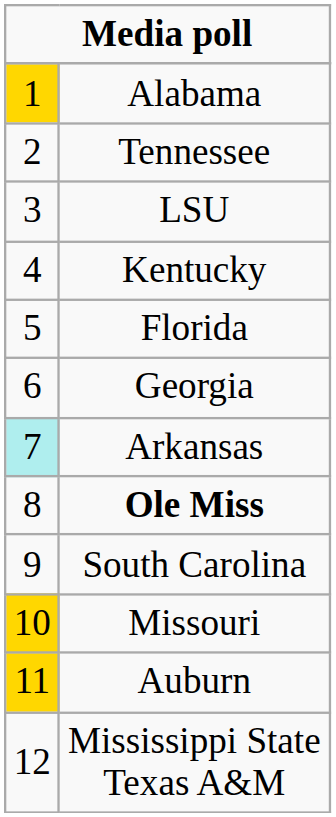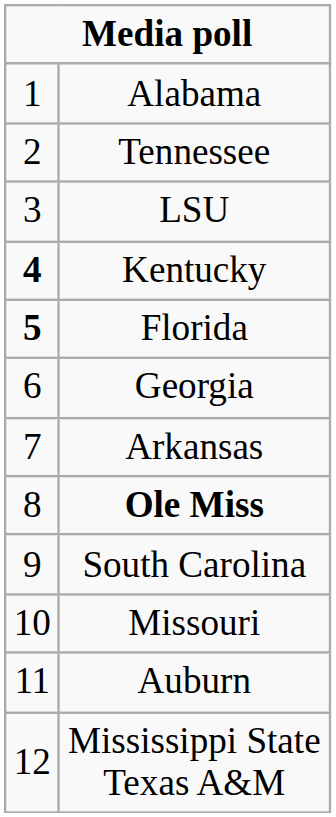 <table class="wikitable">
 <tr align="center">
 <td align="center" Colspan="3"><strong>Media poll</strong></td>
 </tr>
 <tr align="center">
 </tr>
 <tr align="center">
-<td style="background: gold;">1</td>
+<td>1</td>
 <td>Alabama</td>
 </tr>
 <tr align="center">
 <td>2</td>
 <td>Tennessee</td>
 </tr>
 <tr align="center">
 <td>3</td>
 <td>LSU</td>
 </tr>
 <tr align="center">
-<td>4</td>
+<td><strong>4</strong></td>
 <td>Kentucky</td>
 </tr>
 <tr align="center">
-<td>5</td>
+<td><strong>5</strong></td>
 <td>Florida</td>
 </tr>
 <tr align="center">
 <td>6</td>
 <td>Georgia</td>
 </tr>
 <tr align="center">
-<td style="background: paleturquoise;">7</td>
+<td>7</td>
 <td>Arkansas</td>
 </tr>
 <tr align="center">
 <td>8</td>
 <td><strong>Ole Miss</strong></td>
 </tr>
 <tr align="center">
 <td>9</td>
 <td>South Carolina</td>
 </tr>
 <tr align="center">
-<td style="background: gold;">10</td>
+<td>10</td>
 <td>Missouri</td>
 </tr>
 <tr align="center">
-<td style="background: gold;">11</td>
+<td>11</td>
 <td>Auburn</td>
 </tr>
 <tr align="center">
 <td>12</td>
 <td>Mississippi State<br>Texas A&M</td>
 </tr>
 </table>
